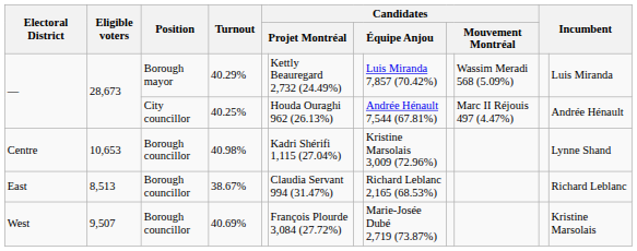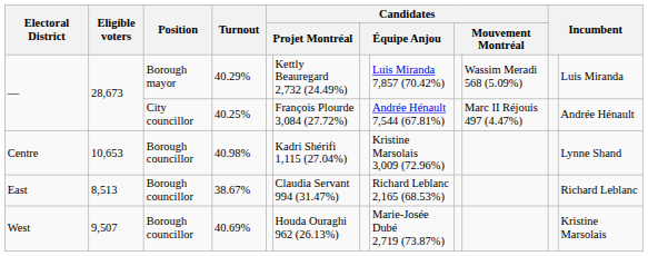 <table class="wikitable" width="100%">
 <tr>
 <th width=10% rowspan=2>Electoral District</th>
 <th width=6% rowspan=2>Eligible voters</th>
 <th width=8% rowspan=2>Position</th>
 <th width=4% rowspan=2>Turnout</th>
 <th colspan=6>Candidates</th>
 <th width=11% colspan=2 rowspan=2>Incumbent</th>
 </tr>
 <tr>
 <th width=11% colspan=2 ><span>Projet Montréal</span></th>
 <th width=11% colspan=2 ><span>Équipe Anjou</span></th>
 <th width=11% colspan=2 ><span>Mouvement Montréal</span></th>
 </tr>
 <tr>
 <td rowspan=2>—</td>
 <td rowspan=2>28,673</td>
 <td>Borough mayor</td>
 <td>40.29%</td>
 <td></td>
 <td>Kettly Beauregard <br> 2,732 (24.49%)</td>
 <td> </td>
 <td><a href='#'>Luis Miranda</a> <br> 7,857 (70.42%)</td>
 <td></td>
 <td>Wassim Meradi <br> 568 (5.09%)</td>
 <td> </td>
 <td>Luis Miranda</td>
 </tr>
 <tr>
 <td>City councillor</td>
 <td>40.25%</td>
 <td></td>
-<td>Houda Ouraghi <br> 962 (26.13%)</td>
+<td>François Plourde <br> 3,084 (27.72%)</td>
 <td> </td>
 <td><a href='#'>Andrée Hénault</a> <br> 7,544 (67.81%)</td>
 <td></td>
 <td>Marc II Réjouis <br> 497 (4.47%)</td>
 <td> </td>
 <td>Andrée Hénault</td>
 </tr>
 <tr>
 <td>Centre</td>
 <td>10,653</td>
 <td>Borough councillor</td>
 <td>40.98%</td>
 <td></td>
 <td>Kadri Shérifi <br> 1,115 (27.04%)</td>
 <td> </td>
 <td>Kristine Marsolais <br> 3,009 (72.96%)</td>
 <td></td>
 <td></td>
 <td> </td>
 <td>Lynne Shand</td>
 </tr>
 <tr>
 <td>East</td>
 <td>8,513</td>
 <td>Borough councillor</td>
 <td>38.67%</td>
 <td></td>
 <td>Claudia Servant <br> 994 (31.47%)</td>
 <td> </td>
 <td>Richard Leblanc <br> 2,165 (68.53%)</td>
 <td></td>
 <td></td>
 <td> </td>
 <td>Richard Leblanc</td>
 </tr>
 <tr>
 <td>West</td>
 <td>9,507</td>
 <td>Borough councillor</td>
 <td>40.69%</td>
 <td></td>
-<td>François Plourde <br> 3,084 (27.72%)</td>
+<td>Houda Ouraghi <br> 962 (26.13%)</td>
 <td> </td>
 <td>Marie-Josée Dubé <br> 2,719 (73.87%)</td>
 <td></td>
 <td></td>
 <td> </td>
 <td>Kristine Marsolais</td>
 </tr>
 </table>
